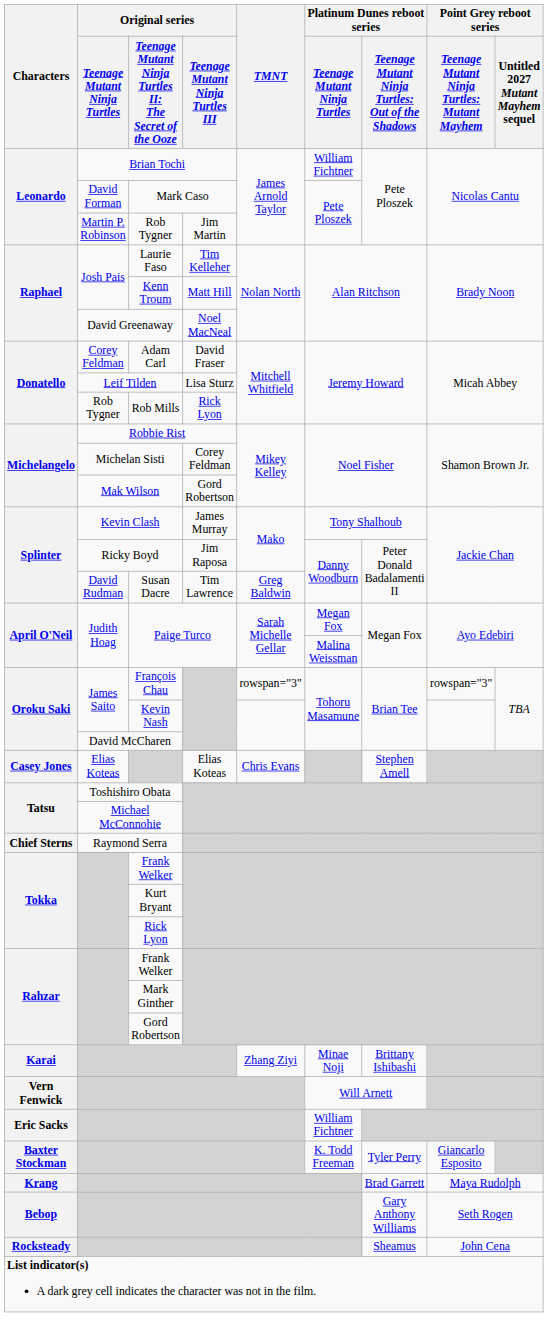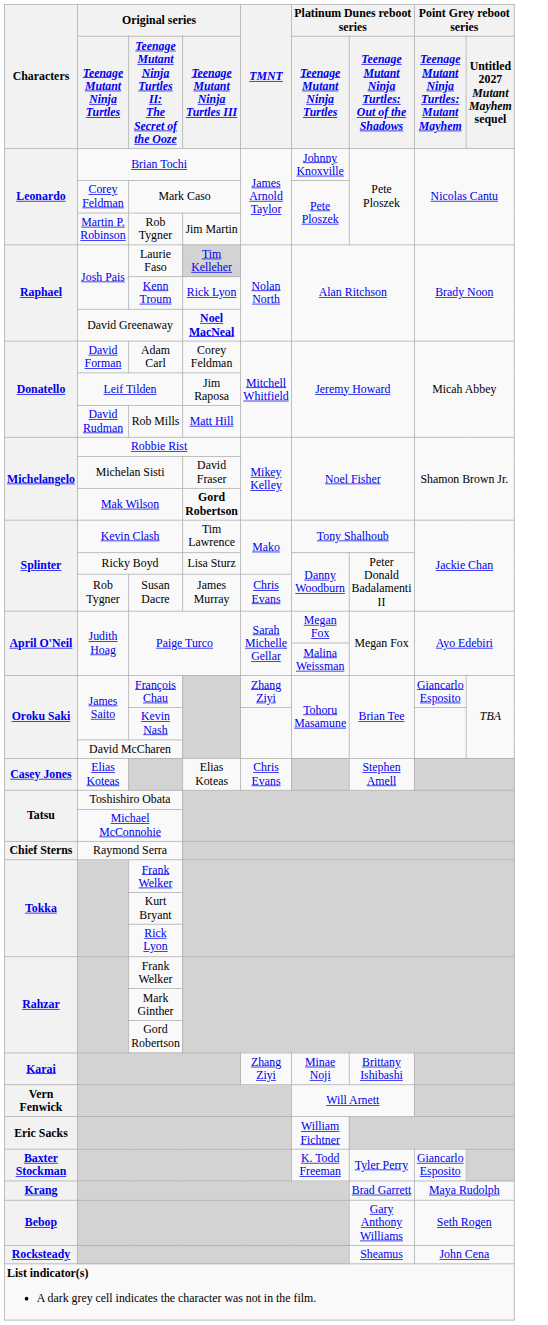 <table class="wikitable" style="text-align:center; width:99%;">
 <tr>
 <th rowspan="2">Characters</th>
 <th colspan="3">Original series</th>
 <th rowspan="2"><em><a href='#'>TMNT</a></em></th>
 <th colspan="2">Platinum Dunes reboot series</th>
 <th colspan="2">Point Grey reboot series</th>
 </tr>
 <tr>
 <th><em><a href='#'>Teenage Mutant Ninja Turtles</a></em></th>
 <th><em><a href='#'>Teenage Mutant Ninja Turtles II:<br> The Secret of the Ooze</a></em></th>
 <th><em><a href='#'>Teenage Mutant Ninja Turtles III</a></em></th>
 <th><em><a href='#'>Teenage Mutant Ninja Turtles</a></em></th>
 <th><em><a href='#'>Teenage Mutant Ninja Turtles:<br> Out of the Shadows</a></em></th>
 <th><em><a href='#'>Teenage Mutant Ninja Turtles:<br> Mutant Mayhem</a></em></th>
 <th>Untitled 2027 <em>Mutant Mayhem</em> sequel</th>
 </tr>
 <tr>
 <th rowspan="3"><a href='#'>Leonardo</a></th>
 <td colspan="3"><a href='#'>Brian Tochi</a></td>
 <td rowspan="3"><a href='#'>James Arnold Taylor</a></td>
-<td><a href='#'>William Fichtner</a></td>
+<td><a href='#'>Johnny Knoxville</a></td>
 <td rowspan="3">Pete Ploszek</td>
 <td colspan="2" rowspan="3"><a href='#'>Nicolas Cantu</a></td>
 </tr>
 <tr>
-<td><a href='#'>David Forman</a></td>
+<td><a href='#'>Corey Feldman</a></td>
 <td colspan="2">Mark Caso</td>
 <td rowspan="2"><a href='#'>Pete Ploszek</a></td>
 </tr>
 <tr>
 <td><a href='#'>Martin P. Robinson</a></td>
 <td>Rob Tygner</td>
 <td>Jim Martin</td>
 </tr>
 <tr>
 <th rowspan="3"><a href='#'>Raphael</a></th>
 <td rowspan="2"><a href='#'>Josh Pais</a></td>
 <td>Laurie Faso</td>
-<td><a href='#'>Tim Kelleher</a></td>
+<td style="background: lightgrey;"><a href='#'>Tim Kelleher</a></td>
 <td rowspan="3"><a href='#'>Nolan North</a></td>
 <td colspan="2" rowspan="3"><a href='#'>Alan Ritchson</a></td>
 <td colspan="2" rowspan="3"><a href='#'>Brady Noon</a></td>
 </tr>
 <tr>
 <td><a href='#'>Kenn Troum</a></td>
-<td><a href='#'>Matt Hill</a></td>
+<td><a href='#'>Rick Lyon</a></td>
 </tr>
 <tr>
 <td colspan="2">David Greenaway</td>
-<td><a href='#'>Noel MacNeal</a></td>
+<td><strong><a href='#'>Noel MacNeal</a></strong></td>
 </tr>
 <tr>
 <th rowspan="3"><a href='#'>Donatello</a></th>
-<td><a href='#'>Corey Feldman</a></td>
+<td><a href='#'>David Forman</a></td>
 <td>Adam Carl</td>
-<td>David Fraser</td>
+<td>Corey Feldman</td>
 <td rowspan="3"><a href='#'>Mitchell Whitfield</a></td>
 <td colspan="2" rowspan="3"><a href='#'>Jeremy Howard</a></td>
 <td colspan="2" rowspan="3">Micah Abbey</td>
 </tr>
 <tr>
 <td colspan="2"><a href='#'>Leif Tilden</a></td>
-<td>Lisa Sturz</td>
+<td>Jim Raposa</td>
 </tr>
 <tr>
-<td>Rob Tygner</td>
+<td><a href='#'>David Rudman</a></td>
 <td>Rob Mills</td>
-<td><a href='#'>Rick Lyon</a></td>
+<td><a href='#'>Matt Hill</a></td>
 </tr>
 <tr>
 <th rowspan="3"><a href='#'>Michelangelo</a></th>
 <td colspan="3"><a href='#'>Robbie Rist</a></td>
 <td rowspan="3"><a href='#'>Mikey Kelley</a></td>
 <td colspan="2" rowspan="3"><a href='#'>Noel Fisher</a></td>
 <td colspan="2" rowspan="3">Shamon Brown Jr.</td>
 </tr>
 <tr>
 <td colspan="2">Michelan Sisti</td>
-<td>Corey Feldman</td>
+<td>David Fraser</td>
 </tr>
 <tr>
 <td colspan="2"><a href='#'>Mak Wilson</a></td>
-<td>Gord Robertson</td>
+<td><strong>Gord Robertson</strong></td>
 </tr>
 <tr>
 <th rowspan="3"><a href='#'>Splinter</a></th>
 <td colspan="2"><a href='#'>Kevin Clash</a></td>
-<td>James Murray</td>
+<td>Tim Lawrence</td>
 <td rowspan="2"><a href='#'>Mako</a></td>
 <td colspan="2"><a href='#'>Tony Shalhoub</a></td>
 <td colspan="2" rowspan="3"><a href='#'>Jackie Chan</a></td>
 </tr>
 <tr>
 <td colspan="2">Ricky Boyd</td>
-<td>Jim Raposa</td>
+<td>Lisa Sturz</td>
 <td rowspan="2"><a href='#'>Danny Woodburn</a></td>
 <td rowspan="2">Peter Donald Badalamenti II</td>
 </tr>
 <tr>
-<td><a href='#'>David Rudman</a></td>
+<td>Rob Tygner</td>
 <td>Susan Dacre</td>
-<td>Tim Lawrence</td>
-<td><a href='#'>Greg Baldwin</a></td>
+<td>James Murray</td>
+<td><a href='#'>Chris Evans</a></td>
 </tr>
 <tr>
 <th rowspan="2"><a href='#'>April O'Neil</a></th>
 <td rowspan="2"><a href='#'>Judith Hoag</a></td>
 <td colspan="2" rowspan="2"><a href='#'>Paige Turco</a></td>
 <td rowspan="2"><a href='#'>Sarah Michelle Gellar</a></td>
 <td><a href='#'>Megan Fox</a></td>
 <td rowspan="2">Megan Fox</td>
 <td colspan="2" rowspan="2"><a href='#'>Ayo Edebiri</a></td>
 </tr>
 <tr>
 <td><a href='#'>Malina Weissman</a></td>
 </tr>
 <tr>
 <th rowspan="3"><a href='#'>Oroku Saki<br></a></th>
 <td rowspan="2"><a href='#'>James Saito</a></td>
 <td><a href='#'>François Chau</a></td>
 <td rowspan="3" style="background:lightgrey;"></td>
-<td>rowspan="3" </td>
+<td><a href='#'>Zhang Ziyi</a></td>
 <td rowspan="3"><a href='#'>Tohoru Masamune</a></td>
 <td rowspan="3"><a href='#'>Brian Tee</a></td>
-<td>rowspan="3" </td>
+<td><a href='#'>Giancarlo Esposito</a></td>
 <td rowspan="3"><em>TBA</em></td>
 </tr>
 <tr>
 <td><a href='#'>Kevin Nash</a></td>
 </tr>
 <tr>
 <td colspan="2">David McCharen</td>
 </tr>
 <tr>
 <th><a href='#'>Casey Jones</a></th>
 <td><a href='#'>Elias Koteas</a></td>
 <td style="background:lightgrey;"></td>
 <td>Elias Koteas</td>
 <td><a href='#'>Chris Evans</a></td>
 <td style="background:lightgrey;"></td>
 <td><a href='#'>Stephen Amell</a></td>
 <td colspan="2" style="background:lightgrey;"></td>
 </tr>
 <tr>
 <th rowspan="2">Tatsu</th>
 <td colspan="2">Toshishiro Obata</td>
 <td colspan="6" rowspan="2" style="background:lightgrey;"></td>
 </tr>
 <tr>
 <td colspan="2"><a href='#'>Michael McConnohie</a></td>
 </tr>
 <tr>
 <th>Chief Sterns</th>
 <td colspan="2">Raymond Serra</td>
 <td colspan="6" style="background:lightgrey;"></td>
 </tr>
 <tr>
 <th rowspan="3"><a href='#'>Tokka</a></th>
 <td rowspan="3" style="background:lightgrey;"></td>
 <td><a href='#'>Frank Welker</a></td>
 <td colspan="6" rowspan="3" style="background:lightgrey;"></td>
 </tr>
 <tr>
 <td>Kurt Bryant</td>
 </tr>
 <tr>
 <td><a href='#'>Rick Lyon</a></td>
 </tr>
 <tr>
 <th rowspan="3"><a href='#'>Rahzar</a></th>
 <td rowspan="3" style="background:lightgrey;"></td>
 <td>Frank Welker</td>
 <td colspan="6" rowspan="3" style="background:lightgrey;"></td>
 </tr>
 <tr>
 <td>Mark Ginther</td>
 </tr>
 <tr>
 <td>Gord Robertson</td>
 </tr>
 <tr>
 <th><a href='#'>Karai</a></th>
 <td colspan="3" style="background:lightgrey;"></td>
 <td><a href='#'>Zhang Ziyi</a></td>
 <td><a href='#'>Minae Noji</a></td>
 <td><a href='#'>Brittany Ishibashi</a></td>
 <td colspan="2" style="background:lightgrey;"></td>
 </tr>
 <tr>
 <th>Vern Fenwick</th>
 <td colspan="4" style="background:lightgrey;"></td>
 <td colspan="2"><a href='#'>Will Arnett</a></td>
 <td colspan="2" style="background:lightgrey;"></td>
 </tr>
 <tr>
 <th>Eric Sacks</th>
 <td colspan="4" style="background:lightgrey;"></td>
 <td><a href='#'>William Fichtner</a></td>
 <td colspan="3" style="background:lightgrey;"></td>
 </tr>
 <tr>
 <th><a href='#'>Baxter Stockman</a></th>
 <td colspan="4" style="background:lightgrey;"></td>
 <td><a href='#'>K. Todd Freeman</a></td>
 <td><a href='#'>Tyler Perry</a></td>
 <td><a href='#'>Giancarlo Esposito</a></td>
 <td style="background:lightgrey;"></td>
 </tr>
 <tr>
 <th><a href='#'>Krang</a></th>
 <td colspan="5" style="background:lightgrey;"></td>
 <td><a href='#'>Brad Garrett</a></td>
 <td colspan="2"><a href='#'>Maya Rudolph</a> </td>
 </tr>
 <tr>
 <th><a href='#'>Bebop</a></th>
 <td colspan="5" style="background:lightgrey;"></td>
 <td><a href='#'>Gary Anthony Williams</a></td>
 <td colspan="2"><a href='#'>Seth Rogen</a></td>
 </tr>
 <tr>
 <th><a href='#'>Rocksteady</a></th>
 <td colspan="5" style="background:lightgrey;"></td>
 <td><a href='#'>Sheamus</a></td>
 <td colspan="2"><a href='#'>John Cena</a> </td>
 </tr>
 <tr>
 <td colspan="12" style="text-align:left;"><strong>List indicator(s)</strong><br><ul><li>A dark grey cell indicates the character was not in the film.</li></ul></td>
 </tr>
 </table>
